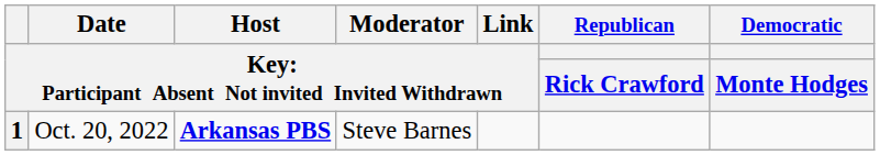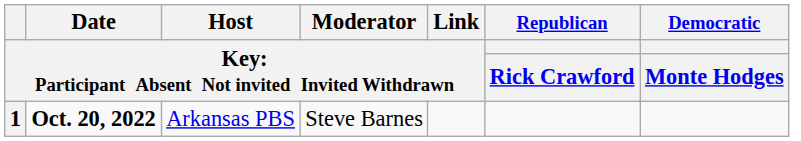 <table class="wikitable" style="text-align:center;">
 <tr>
 <th scope="col"></th>
 <th scope="col">Date</th>
 <th scope="col">Host</th>
 <th scope="col">Moderator</th>
 <th scope="col">Link</th>
 <th scope="col"><small><a href='#'>Republican</a></small></th>
 <th scope="col"><small><a href='#'>Democratic</a></small></th>
 </tr>
 <tr>
 <th colspan="5" rowspan="2">Key:<br> <small>Participant </small>  <small>Absent </small>  <small>Not invited </small>  <small>Invited  Withdrawn</small></th>
 <th scope="col" style="background:"></th>
 <th scope="col" style="background:"></th>
 </tr>
 <tr>
 <th scope="col"><a href='#'>Rick Crawford</a></th>
 <th scope="col"><a href='#'>Monte Hodges</a></th>
 </tr>
 <tr>
 <th>1</th>
-<td style="white-space:nowrap;">Oct. 20, 2022</td>
-<td style="white-space:nowrap;"><strong><a href='#'>Arkansas PBS</a></strong></td>
+<td style="white-space:nowrap;"><strong>Oct. 20, 2022</strong></td>
+<td style="white-space:nowrap;"><a href='#'>Arkansas PBS</a></td>
 <td style="white-space:nowrap;">Steve Barnes</td>
 <td style="white-space:nowrap;"></td>
 <td></td>
 <td></td>
 </tr>
 </table>
